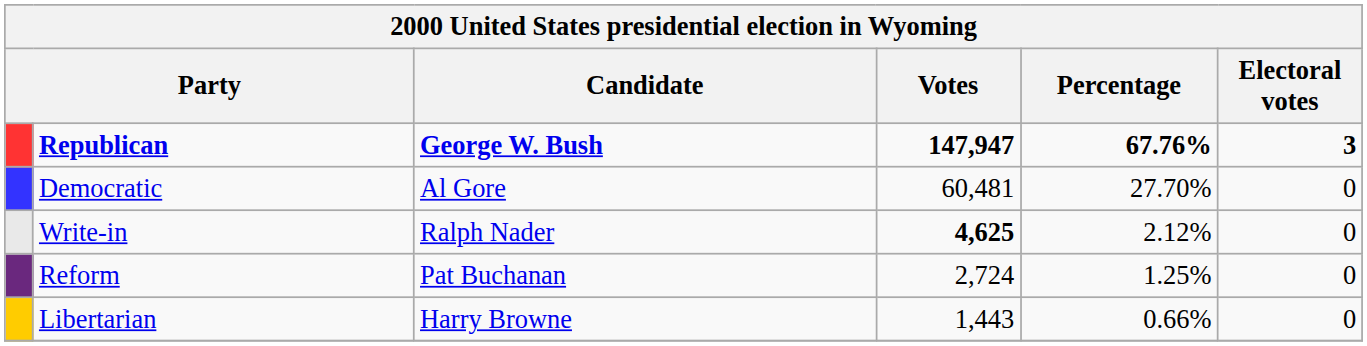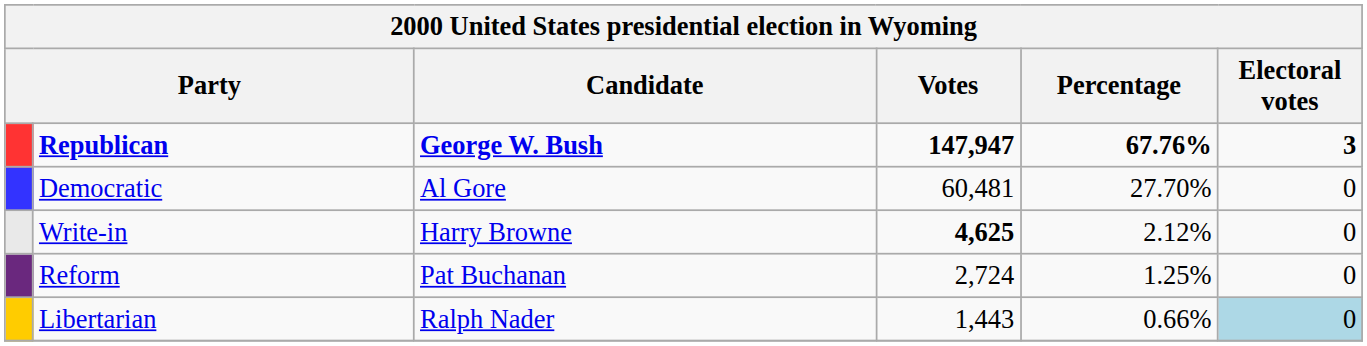 <table class="wikitable" style="font-size: 95%;">
 <tr>
 <th colspan="6">2000 United States presidential election in Wyoming</th>
 </tr>
 <tr>
 <th colspan="2" style="width: 15em">Party</th>
 <th style="width: 17em">Candidate</th>
 <th style="width: 5em">Votes</th>
 <th style="width: 7em">Percentage</th>
 <th style="width: 5em">Electoral votes</th>
 </tr>
 <tr>
 <th style="background-color:#FF3333; width: 3px"></th>
 <td style="width: 130px"><strong><a href='#'>Republican</a></strong></td>
 <td><strong><a href='#'>George W. Bush</a></strong></td>
 <td align="right"><strong>147,947</strong></td>
 <td align="right"><strong>67.76%</strong></td>
 <td align="right"><strong>3</strong></td>
 </tr>
 <tr>
 <th style="background-color:#3333FF; width: 3px"></th>
 <td style="width: 130px"><a href='#'>Democratic</a></td>
 <td><a href='#'>Al Gore</a></td>
 <td align="right">60,481</td>
 <td align="right">27.70%</td>
 <td align="right">0</td>
 </tr>
 <tr>
 <th style="background-color:#E9E9E9; width: 3px"></th>
 <td style="width: 130px"><a href='#'>Write-in</a></td>
-<td><a href='#'>Ralph Nader</a></td>
+<td><a href='#'>Harry Browne</a></td>
 <td align="right"><strong>4,625</strong></td>
 <td align="right">2.12%</td>
 <td align="right">0</td>
 </tr>
 <tr>
 <th style="background-color:#6A287E; width: 3px"></th>
 <td style="width: 130px"><a href='#'>Reform</a></td>
 <td><a href='#'>Pat Buchanan</a></td>
 <td align="right">2,724</td>
 <td align="right">1.25%</td>
 <td align="right">0</td>
 </tr>
 <tr>
 <th style="background-color:#FFCC00; width: 3px"></th>
 <td style="width: 130px"><a href='#'>Libertarian</a></td>
-<td><a href='#'>Harry Browne</a></td>
+<td><a href='#'>Ralph Nader</a></td>
 <td align="right">1,443</td>
 <td align="right">0.66%</td>
-<td align="right">0</td>
+<td align="right" style="background: lightblue;">0</td>
 </tr>
 <tr>
 </tr>
 </table>
